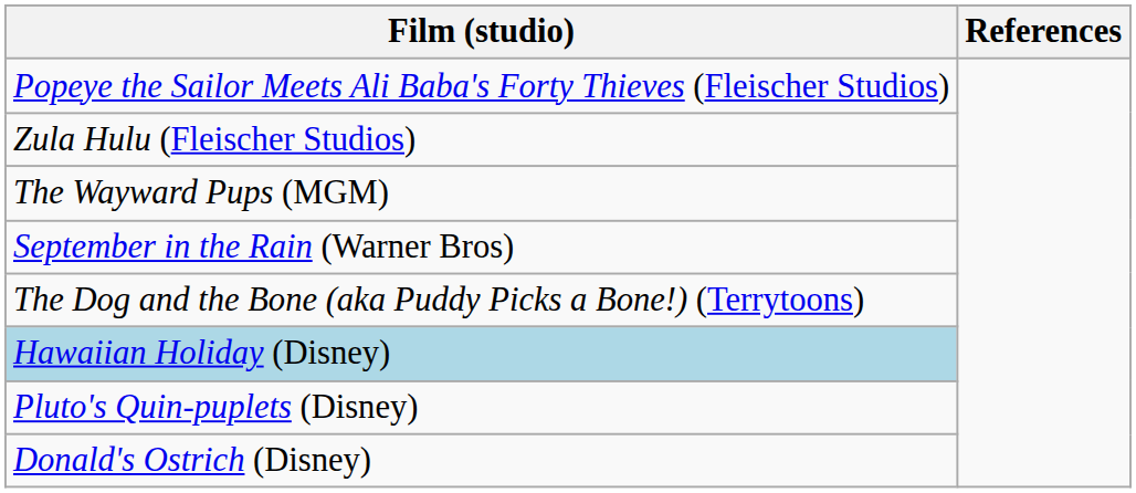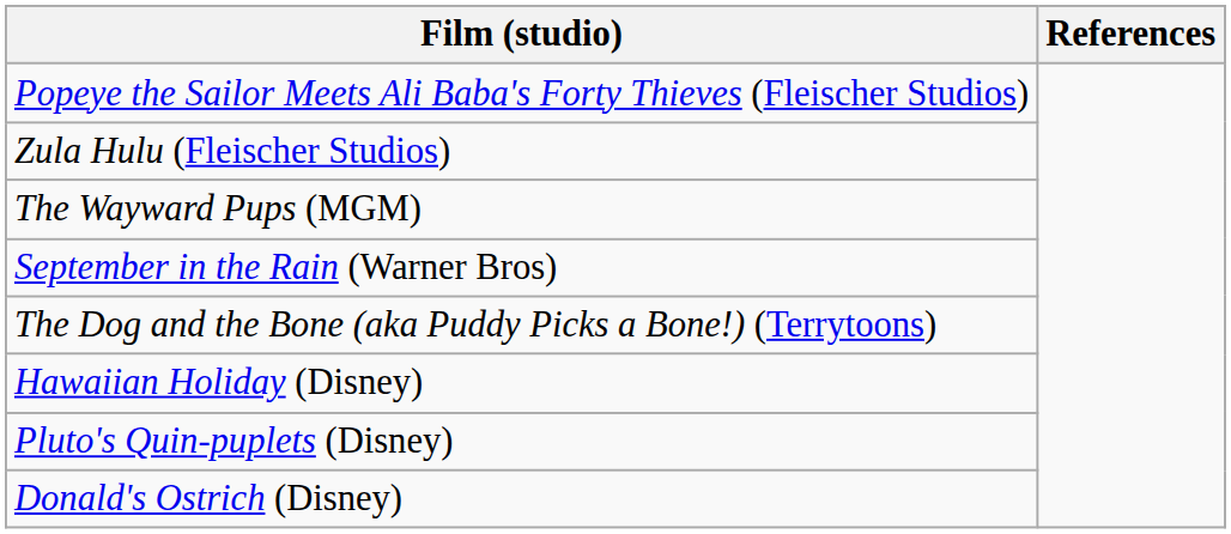 <table class="wikitable">
 <tr>
 <th>Film (studio)</th>
 <th>References</th>
 </tr>
 <tr>
 <td><em><a href='#'>Popeye the Sailor Meets Ali Baba's Forty Thieves</a></em> (<a href='#'>Fleischer Studios</a>)</td>
 <td rowspan="8"></td>
 </tr>
 <tr>
 <td><em>Zula Hulu</em> (<a href='#'>Fleischer Studios</a>)</td>
 </tr>
 <tr>
 <td><em>The Wayward Pups</em> (MGM)</td>
 </tr>
 <tr>
 <td><a href='#'><em>September in the Rain</em></a> (Warner Bros)</td>
 </tr>
 <tr>
 <td><em>The Dog and the Bone (aka Puddy Picks a Bone!)</em> (<a href='#'>Terrytoons</a>)</td>
 </tr>
 <tr>
-<td style="background: lightblue;"><em><a href='#'>Hawaiian Holiday</a></em> (Disney)</td>
+<td><em><a href='#'>Hawaiian Holiday</a></em> (Disney)</td>
 </tr>
 <tr>
 <td><em><a href='#'>Pluto's Quin-puplets</a></em> (Disney)</td>
 </tr>
 <tr>
 <td><em><a href='#'>Donald's Ostrich</a></em> (Disney)</td>
 </tr>
 </table>
